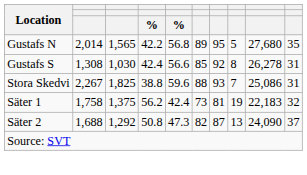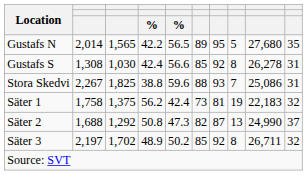 <table role="presentation" class="wikitable sortable mw-collapsible">
 <tr>
 <th rowspan="3">Location</th>
 <th></th>
 <th></th>
 <th></th>
 <th></th>
 <th></th>
 <th></th>
 <th></th>
 <th></th>
 <th></th>
 </tr>
 <tr>
 <th></th>
 <th></th>
 <th style="background:"></th>
 <th style="background:"></th>
 <th></th>
 <th></th>
 <th></th>
 <th></th>
 <th></th>
 </tr>
 <tr>
 <th data-sort-type="number"></th>
 <th data-sort-type="number"></th>
 <th data-sort-type="number">%</th>
 <th data-sort-type="number">%</th>
 <th data-sort-type="number"></th>
 <th data-sort-type="number"></th>
 <th data-sort-type="number"></th>
 <th data-sort-type="number"></th>
 <th data-sort-type="number"></th>
 </tr>
 <tr>
 <td align="left">Gustafs N</td>
 <td>2,014</td>
 <td>1,565</td>
 <td>42.2</td>
-<td>56.8</td>
+<td>56.5</td>
 <td>89</td>
 <td>95</td>
 <td>5</td>
 <td>27,680</td>
 <td>35</td>
 </tr>
 <tr>
 <td align="left">Gustafs S</td>
 <td>1,308</td>
 <td>1,030</td>
 <td>42.4</td>
 <td>56.6</td>
 <td>85</td>
 <td>92</td>
 <td>8</td>
 <td>26,278</td>
 <td>31</td>
 </tr>
 <tr>
 <td align="left">Stora Skedvi</td>
 <td>2,267</td>
 <td>1,825</td>
 <td>38.8</td>
 <td>59.6</td>
 <td>88</td>
 <td>93</td>
 <td>7</td>
 <td>25,086</td>
 <td>31</td>
 </tr>
 <tr>
 <td align="left">Säter 1</td>
 <td>1,758</td>
 <td>1,375</td>
 <td>56.2</td>
 <td>42.4</td>
 <td>73</td>
 <td>81</td>
 <td>19</td>
 <td>22,183</td>
 <td>32</td>
 </tr>
 <tr>
 <td align="left">Säter 2</td>
 <td>1,688</td>
 <td>1,292</td>
 <td>50.8</td>
 <td>47.3</td>
 <td>82</td>
 <td>87</td>
 <td>13</td>
-<td>24,090</td>
+<td>24,990</td>
 <td>37</td>
+</tr>
+<tr>
+<td align="left">Säter 3</td>
+<td>2,197</td>
+<td>1,702</td>
+<td>48.9</td>
+<td>50.2</td>
+<td>85</td>
+<td>92</td>
+<td>8</td>
+<td>26,711</td>
+<td>32</td>
 </tr>
 <tr>
 <td colspan="10" align="left">Source: <a href='#'>SVT</a></td>
 </tr>
 </table>
